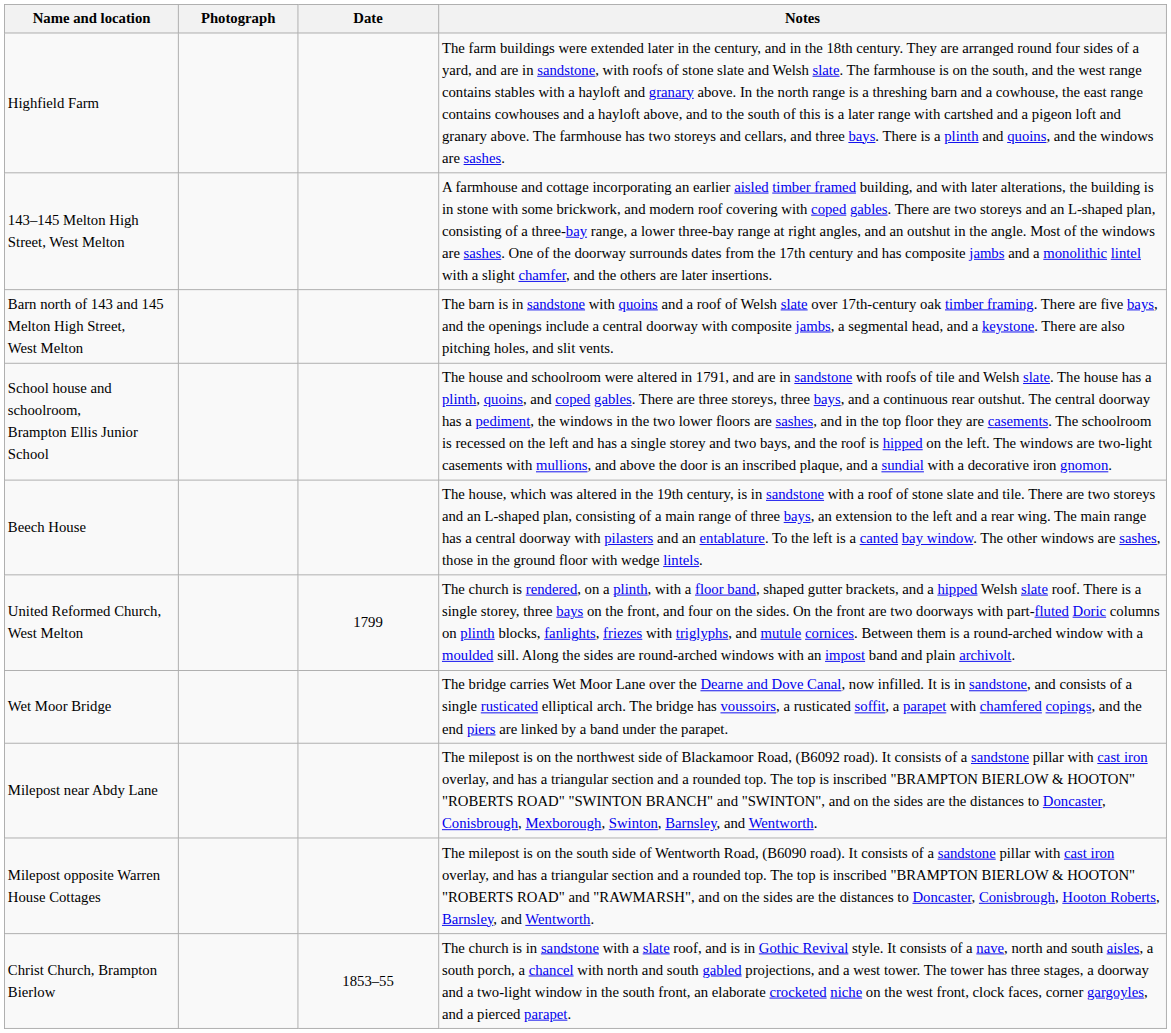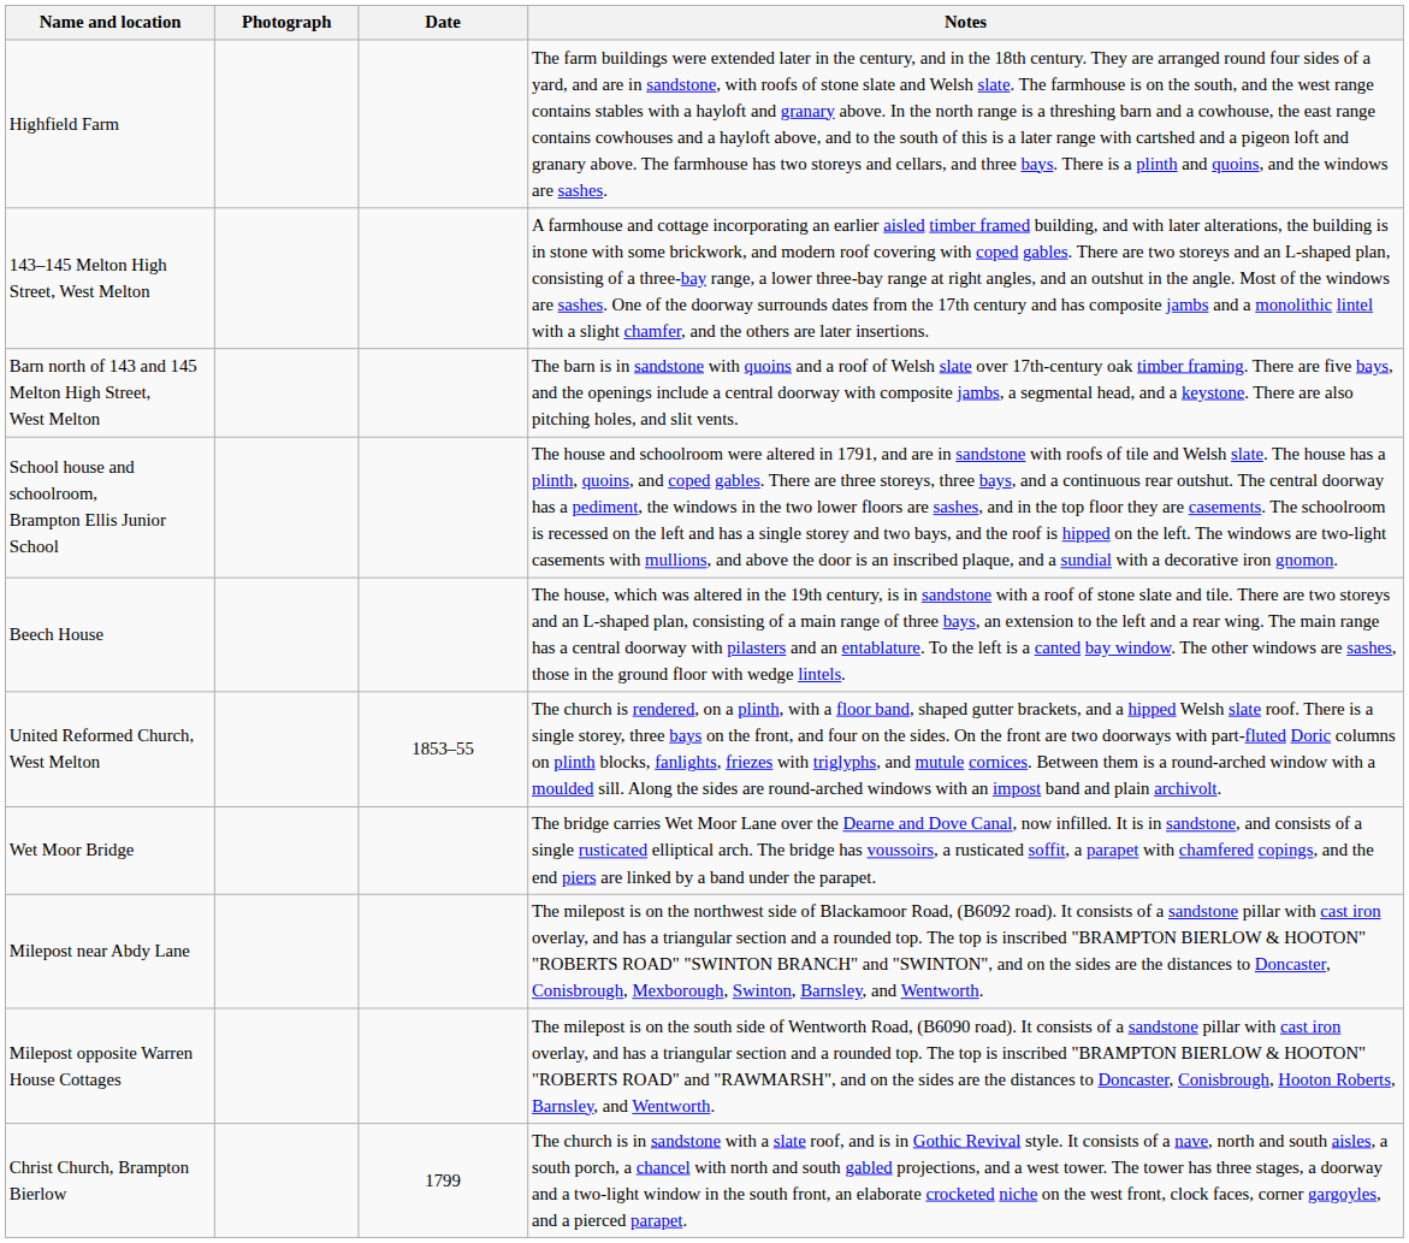 <table class="wikitable sortable plainrowheaders" style="width:100%;border:0px;text-align:left;line-height:150%;">
 <tr>
 <th scope="col"  style="width:150px">Name and location</th>
 <th scope="col"  style="width:100px" class="unsortable">Photograph</th>
 <th scope="col"  style="width:120px">Date</th>
 <th scope="col"  style="width:650px" class="unsortable">Notes</th>
 </tr>
 <tr>
 <td>Highfield Farm<br><small></small></td>
 <td></td>
 <td align="center"></td>
 <td>The farm buildings were extended later in the century, and in the 18th century.  They are arranged round four sides of a yard, and are in <a href='#'>sandstone</a>, with roofs of stone slate and Welsh <a href='#'>slate</a>.  The farmhouse is on the south, and the west range contains stables with a hayloft and <a href='#'>granary</a> above.  In the north range is a threshing barn and a cowhouse, the east range contains cowhouses and a hayloft above, and to the south of this is a later range with cartshed and a pigeon loft and granary above.  The farmhouse has two storeys and cellars, and three <a href='#'>bays</a>.  There is a <a href='#'>plinth</a> and <a href='#'>quoins</a>, and the windows are <a href='#'>sashes</a>.</td>
 </tr>
 <tr>
 <td>143–145 Melton High Street, West Melton<br><small></small></td>
 <td></td>
 <td align="center"></td>
 <td>A farmhouse and cottage incorporating an earlier <a href='#'>aisled</a> <a href='#'>timber framed</a> building, and with later alterations, the building is in stone with some brickwork, and modern roof covering with <a href='#'>coped</a> <a href='#'>gables</a>.  There are two storeys and an L-shaped plan, consisting of a three-<a href='#'>bay</a> range, a lower three-bay range at right angles, and an outshut in the angle.  Most of the windows are <a href='#'>sashes</a>.  One of the doorway surrounds dates from the 17th century and has composite <a href='#'>jambs</a> and a <a href='#'>monolithic</a> <a href='#'>lintel</a> with a slight <a href='#'>chamfer</a>, and the others are later insertions.</td>
 </tr>
 <tr>
 <td>Barn north of 143 and 145 Melton High Street, West Melton<br><small></small></td>
 <td></td>
 <td align="center"></td>
 <td>The barn is in <a href='#'>sandstone</a> with <a href='#'>quoins</a> and a roof of Welsh <a href='#'>slate</a> over 17th-century oak <a href='#'>timber framing</a>.  There are five <a href='#'>bays</a>, and the openings include a central doorway with composite <a href='#'>jambs</a>, a segmental head, and a <a href='#'>keystone</a>.  There are also pitching holes, and slit vents.</td>
 </tr>
 <tr>
 <td>School house and schoolroom,<br>Brampton Ellis Junior School<br><small></small></td>
 <td></td>
 <td align="center"></td>
 <td>The house and schoolroom were altered in 1791, and are in <a href='#'>sandstone</a> with roofs of tile and Welsh <a href='#'>slate</a>.  The house has a <a href='#'>plinth</a>, <a href='#'>quoins</a>, and <a href='#'>coped</a> <a href='#'>gables</a>.  There are three storeys, three <a href='#'>bays</a>, and a continuous rear outshut.  The central doorway has a <a href='#'>pediment</a>, the windows in the two lower floors are <a href='#'>sashes</a>, and in the top floor they are <a href='#'>casements</a>.  The schoolroom is recessed on the left and has a single storey and two bays, and the roof is <a href='#'>hipped</a> on the left.  The windows are two-light casements with <a href='#'>mullions</a>, and above the door is an inscribed plaque, and a <a href='#'>sundial</a> with a decorative iron <a href='#'>gnomon</a>.</td>
 </tr>
 <tr>
 <td>Beech House<br><small></small></td>
 <td></td>
 <td align="center"></td>
 <td>The house, which was altered in the 19th century, is in <a href='#'>sandstone</a> with a roof of stone slate and tile.  There are two storeys and an L-shaped plan, consisting of a main range of three <a href='#'>bays</a>, an extension to the left and a rear wing.  The main range has a central doorway with <a href='#'>pilasters</a> and an <a href='#'>entablature</a>.  To the left is a <a href='#'>canted</a> <a href='#'>bay window</a>.  The other windows are <a href='#'>sashes</a>, those in the ground floor with wedge <a href='#'>lintels</a>.</td>
 </tr>
 <tr>
 <td>United Reformed Church, West Melton<br><small></small></td>
 <td></td>
-<td align="center">1799</td>
+<td align="center">1853–55</td>
 <td>The church is <a href='#'>rendered</a>, on a <a href='#'>plinth</a>, with  a <a href='#'>floor band</a>, shaped gutter brackets, and a <a href='#'>hipped</a> Welsh <a href='#'>slate</a> roof.  There is a single storey, three <a href='#'>bays</a> on the front, and four on the sides.  On the front are two doorways with part-<a href='#'>fluted</a> <a href='#'>Doric</a> columns on <a href='#'>plinth</a> blocks, <a href='#'>fanlights</a>, <a href='#'>friezes</a> with <a href='#'>triglyphs</a>, and <a href='#'>mutule</a> <a href='#'>cornices</a>.  Between them is a round-arched window with a <a href='#'>moulded</a> sill.  Along the sides are round-arched windows with an <a href='#'>impost</a> band and plain <a href='#'>archivolt</a>.</td>
 </tr>
 <tr>
 <td>Wet Moor Bridge<br><small></small></td>
 <td></td>
 <td align="center"></td>
 <td>The bridge carries Wet Moor Lane over the <a href='#'>Dearne and Dove Canal</a>, now infilled.  It is in <a href='#'>sandstone</a>, and consists of a single <a href='#'>rusticated</a> elliptical arch.  The bridge has <a href='#'>voussoirs</a>, a rusticated <a href='#'>soffit</a>, a <a href='#'>parapet</a> with <a href='#'>chamfered</a> <a href='#'>copings</a>, and the end <a href='#'>piers</a> are linked by a band under the parapet.</td>
 </tr>
 <tr>
 <td>Milepost near Abdy Lane<br><small></small></td>
 <td></td>
 <td align="center"></td>
 <td>The milepost is on the northwest side of Blackamoor Road, (B6092 road).  It consists of a <a href='#'>sandstone</a> pillar with <a href='#'>cast iron</a> overlay, and has a triangular section and a rounded top.  The top is inscribed "BRAMPTON BIERLOW & HOOTON" "ROBERTS ROAD" "SWINTON BRANCH" and "SWINTON", and on the sides are the distances to <a href='#'>Doncaster</a>, <a href='#'>Conisbrough</a>, <a href='#'>Mexborough</a>, <a href='#'>Swinton</a>, <a href='#'>Barnsley</a>, and <a href='#'>Wentworth</a>.</td>
 </tr>
 <tr>
 <td>Milepost opposite Warren House Cottages<br><small></small></td>
 <td></td>
 <td align="center"></td>
 <td>The milepost is on the south side of Wentworth Road, (B6090 road).  It consists of a <a href='#'>sandstone</a> pillar with <a href='#'>cast iron</a> overlay, and has a triangular section and a rounded top.  The top is inscribed "BRAMPTON BIERLOW & HOOTON" "ROBERTS ROAD" and "RAWMARSH", and on the sides are the distances to <a href='#'>Doncaster</a>, <a href='#'>Conisbrough</a>, <a href='#'>Hooton Roberts</a>, <a href='#'>Barnsley</a>, and <a href='#'>Wentworth</a>.</td>
 </tr>
 <tr>
 <td>Christ Church, Brampton Bierlow<br><small></small></td>
 <td></td>
-<td align="center">1853–55</td>
+<td align="center">1799</td>
 <td>The church is in <a href='#'>sandstone</a> with a <a href='#'>slate</a> roof, and is in <a href='#'>Gothic Revival</a> style.  It consists of a <a href='#'>nave</a>, north and south <a href='#'>aisles</a>, a south porch, a <a href='#'>chancel</a> with north and south <a href='#'>gabled</a> projections, and a west tower.  The tower has three stages, a doorway and a two-light window in the south front, an elaborate <a href='#'>crocketed</a> <a href='#'>niche</a> on the west front, clock faces, corner <a href='#'>gargoyles</a>, and a pierced <a href='#'>parapet</a>.</td>
 </tr>
 <tr>
 </tr>
 </table>
